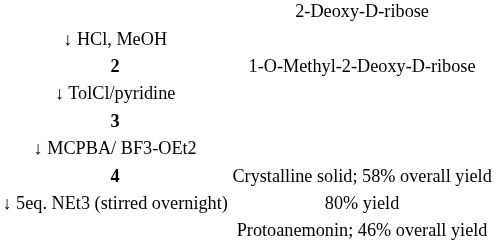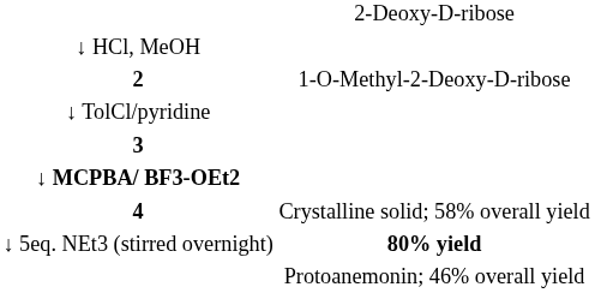 <table style="text-align:center">
 <tr>
 <td></td>
 <td>2-Deoxy-D-ribose</td>
 </tr>
 <tr>
 </tr>
 <tr>
 <td>↓ HCl, MeOH</td>
 <td></td>
 </tr>
 <tr>
 </tr>
 <tr>
 <td><strong>2</strong></td>
 <td>1-O-Methyl-2-Deoxy-D-ribose</td>
 </tr>
 <tr>
 </tr>
 <tr>
 <td>↓ TolCl/pyridine</td>
 <td></td>
 </tr>
 <tr>
 </tr>
 <tr>
 <td><strong>3</strong></td>
 <td></td>
 </tr>
 <tr>
 </tr>
 <tr>
-<td>↓ MCPBA/ BF3-OEt2</td>
+<td><strong>↓ MCPBA/ BF3-OEt2</strong></td>
 <td></td>
 </tr>
 <tr>
 </tr>
 <tr>
 <td><strong>4</strong></td>
 <td>Crystalline solid; 58% overall yield</td>
 </tr>
 <tr>
 </tr>
 <tr>
 <td>↓ 5eq. NEt3 (stirred overnight)</td>
-<td>80% yield</td>
+<td><strong>80% yield</strong></td>
 </tr>
 <tr>
 </tr>
 <tr>
 <td></td>
 <td>Protoanemonin; 46% overall yield </td>
 </tr>
 </table>
